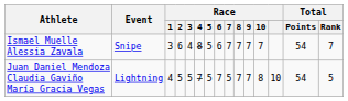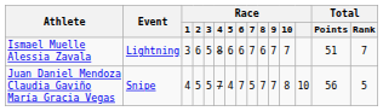 <table class=wikitable style=font-size:90%;text-align:center>
 <tr>
 <th rowspan=2>Athlete</th>
 <th rowspan=2>Event</th>
 <th colspan=11>Race</th>
 <th colspan=2>Total</th>
 </tr>
 <tr style=font-size:95%>
 <th>1</th>
 <th>2</th>
 <th>3</th>
 <th>4</th>
 <th>5</th>
 <th>6</th>
 <th>7</th>
 <th>8</th>
 <th>9</th>
 <th>10</th>
 <th></th>
 <th>Points</th>
 <th>Rank</th>
 </tr>
 <tr>
 <td align=left><a href='#'>Ismael Muelle⁣</a><br><a href='#'>Alessia Zavala</a></td>
-<td align=left><a href='#'>Snipe</a></td>
+<td align=left><a href='#'>Lightning</a></td>
 <td>3</td>
 <td>6</td>
-<td>4</td>
+<td>5</td>
 <td><s>8</s></td>
-<td>5</td>
+<td>6</td>
+<td>6</td>
+<td>7</td>
 <td>6</td>
 <td>7</td>
 <td>7</td>
-<td>7</td>
-<td>7</td>
 <td></td>
-<td>54</td>
+<td>51</td>
 <td>7</td>
 </tr>
 <tr>
 <td align=left><a href='#'>Juan Daniel Mendoza</a><br><a href='#'>Claudia Gaviño</a><br><a href='#'>María Gracia Vegas⁣</a></td>
-<td align=left><a href='#'>Lightning</a></td>
+<td align=left><a href='#'>Snipe</a></td>
 <td>4</td>
 <td>5</td>
 <td>5</td>
 <td><s>7</s></td>
-<td>5</td>
+<td>4</td>
 <td>7</td>
 <td>5</td>
 <td>7</td>
 <td>7</td>
 <td>8</td>
 <td>10</td>
-<td>54</td>
+<td>56</td>
 <td>5</td>
 </tr>
 </table>
